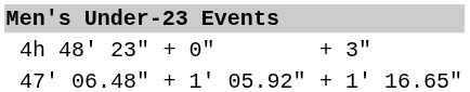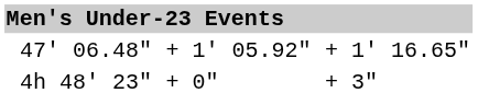 <table>
 <tr bgcolor="#cccccc">
 <td colspan=7><strong>Men's Under-23 Events</strong></td>
+</tr>
+<tr>
+<td><br></td>
+<td></td>
+<td>47' 06.48"</td>
+<td></td>
+<td>+ 1' 05.92"</td>
+<td></td>
+<td>+ 1' 16.65"</td>
 </tr>
 <tr>
 <td><br></td>
 <td></td>
 <td>4h 48' 23"</td>
 <td></td>
 <td>+ 0"</td>
 <td></td>
 <td>+ 3"</td>
 </tr>
-<tr>
-<td><br></td>
-<td></td>
-<td>47' 06.48"</td>
-<td></td>
-<td>+ 1' 05.92"</td>
-<td></td>
-<td>+ 1' 16.65"</td>
-</tr>
 </table>
